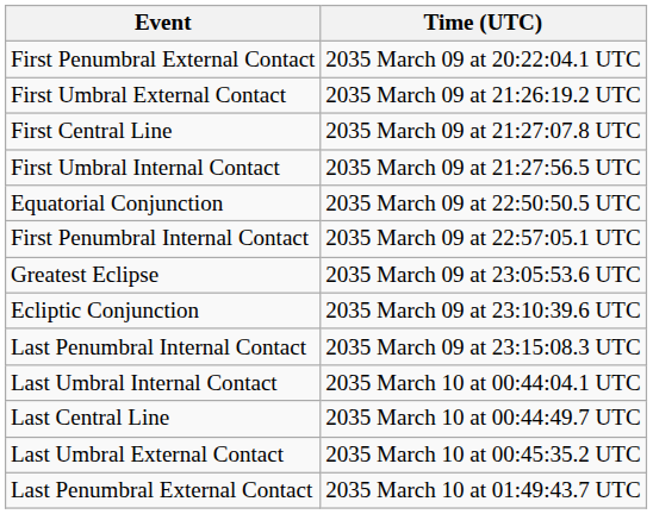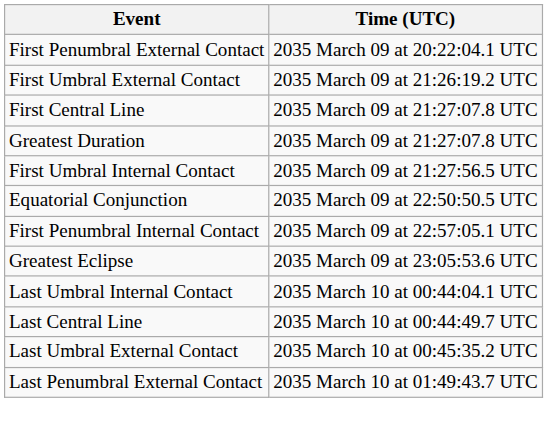 <table class="wikitable">
 <tr>
 <th>Event</th>
 <th>Time (UTC)</th>
 </tr>
 <tr>
 <td>First Penumbral External Contact</td>
 <td>2035 March 09 at 20:22:04.1 UTC</td>
 </tr>
 <tr>
 <td>First Umbral External Contact</td>
 <td>2035 March 09 at 21:26:19.2 UTC</td>
 </tr>
 <tr>
 <td>First Central Line</td>
+<td>2035 March 09 at 21:27:07.8 UTC</td>
+</tr>
+<tr>
+<td>Greatest Duration</td>
 <td>2035 March 09 at 21:27:07.8 UTC</td>
 </tr>
 <tr>
 <td>First Umbral Internal Contact</td>
 <td>2035 March 09 at 21:27:56.5 UTC</td>
 </tr>
 <tr>
 <td>Equatorial Conjunction</td>
 <td>2035 March 09 at 22:50:50.5 UTC</td>
 </tr>
 <tr>
 <td>First Penumbral Internal Contact</td>
 <td>2035 March 09 at 22:57:05.1 UTC</td>
 </tr>
 <tr>
 <td>Greatest Eclipse</td>
 <td>2035 March 09 at 23:05:53.6 UTC</td>
 </tr>
 <tr>
-<td>Ecliptic Conjunction</td>
-<td>2035 March 09 at 23:10:39.6 UTC</td>
-</tr>
-<tr>
-<td>Last Penumbral Internal Contact</td>
-<td>2035 March 09 at 23:15:08.3 UTC</td>
-</tr>
-<tr>
 <td>Last Umbral Internal Contact</td>
 <td>2035 March 10 at 00:44:04.1 UTC</td>
 </tr>
 <tr>
 <td>Last Central Line</td>
 <td>2035 March 10 at 00:44:49.7 UTC</td>
 </tr>
 <tr>
 <td>Last Umbral External Contact</td>
 <td>2035 March 10 at 00:45:35.2 UTC</td>
 </tr>
 <tr>
 <td>Last Penumbral External Contact</td>
 <td>2035 March 10 at 01:49:43.7 UTC</td>
 </tr>
 </table>
